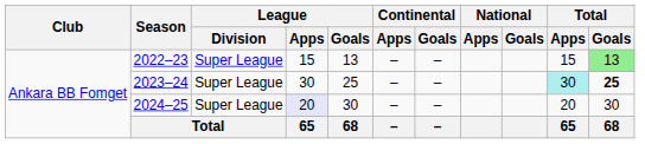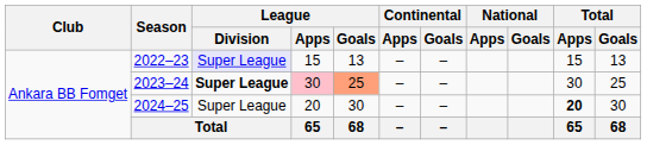 <table class="wikitable" style="text-align: center;">
 <tr>
 <th rowspan=2>Club</th>
 <th rowspan=2>Season</th>
 <th colspan=3>League</th>
 <th colspan=2>Continental</th>
 <th colspan=2>National</th>
 <th colspan=2>Total</th>
 </tr>
 <tr>
 <th>Division</th>
 <th>Apps</th>
 <th>Goals</th>
 <th>Apps</th>
 <th>Goals</th>
 <th>Apps</th>
 <th>Goals</th>
 <th>Apps</th>
 <th>Goals</th>
 </tr>
 <tr>
 <td rowspan=4><a href='#'>Ankara BB Fomget</a></td>
 <td><a href='#'>2022–23</a></td>
-<td><a href='#'>Super League</a></td>
+<td style="background: lavender;"><a href='#'>Super League</a></td>
 <td>15</td>
 <td>13</td>
 <td>–</td>
 <td>–</td>
 <td></td>
 <td></td>
 <td>15</td>
-<td style="background: lightgreen;">13</td>
+<td>13</td>
 </tr>
 <tr>
 <td><a href='#'>2023–24</a></td>
-<td>Super League</td>
-<td>30</td>
-<td>25</td>
+<td><strong>Super League</strong></td>
+<td style="background: pink;">30</td>
+<td style="background: lightsalmon;">25</td>
 <td>–</td>
 <td>–</td>
 <td></td>
 <td></td>
-<td style="background: paleturquoise;">30</td>
-<td><strong>25</strong></td>
+<td>30</td>
+<td>25</td>
 </tr>
 <tr>
 <td><a href='#'>2024–25</a></td>
 <td>Super League</td>
-<td style="background: lavender;">20</td>
+<td>20</td>
 <td>30</td>
 <td>–</td>
 <td>–</td>
 <td></td>
 <td></td>
-<td>20</td>
+<td><strong>20</strong></td>
 <td>30</td>
 </tr>
 <tr>
 <th colspan=2>Total</th>
 <th>65</th>
 <th>68</th>
 <th>–</th>
 <th>–</th>
 <th></th>
 <th></th>
 <th>65</th>
 <th>68</th>
 </tr>
 </table>
